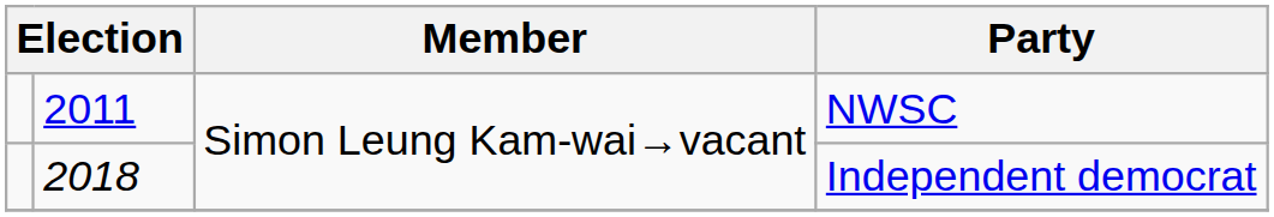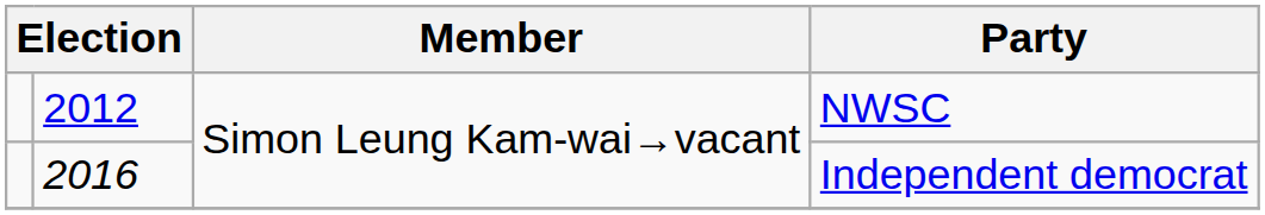 <table class="wikitable">
 <tr>
 <th colspan="2">Election</th>
 <th>Member</th>
 <th>Party</th>
 </tr>
 <tr>
 <td style="color:inherit;background:"></td>
-<td><a href='#'>2011</a></td>
+<td><a href='#'>2012</a></td>
 <td rowspan=2>Simon Leung Kam-wai→vacant</td>
 <td><a href='#'>NWSC</a></td>
 </tr>
 <tr>
 <td style="color:inherit;background:"></td>
-<td><em>2018</em></td>
+<td><em>2016</em></td>
 <td><a href='#'>Independent democrat</a></td>
 </tr>
 <tr>
 </tr>
 </table>
